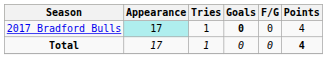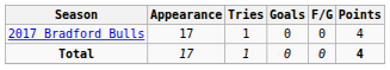 <table class="wikitable" style="text-align:center;">
 <tr bgcolor=#bdb76b>
 <th>Season</th>
 <th>Appearance</th>
 <th>Tries</th>
 <th>Goals</th>
 <th>F/G</th>
 <th>Points</th>
 </tr>
 <tr>
 <td><a href='#'>2017 Bradford Bulls</a></td>
-<td style="background: paleturquoise;">17</td>
+<td>17</td>
 <td>1</td>
-<td><strong>0</strong></td>
+<td>0</td>
 <td>0</td>
 <td>4</td>
 </tr>
 <tr>
 <td><strong>Total</strong></td>
 <td><em>17</em></td>
 <td><em>1</em></td>
 <td><em>0</em></td>
 <td><em>0</em></td>
 <td><strong>4</strong></td>
 </tr>
 <tr>
 </tr>
 </table>
